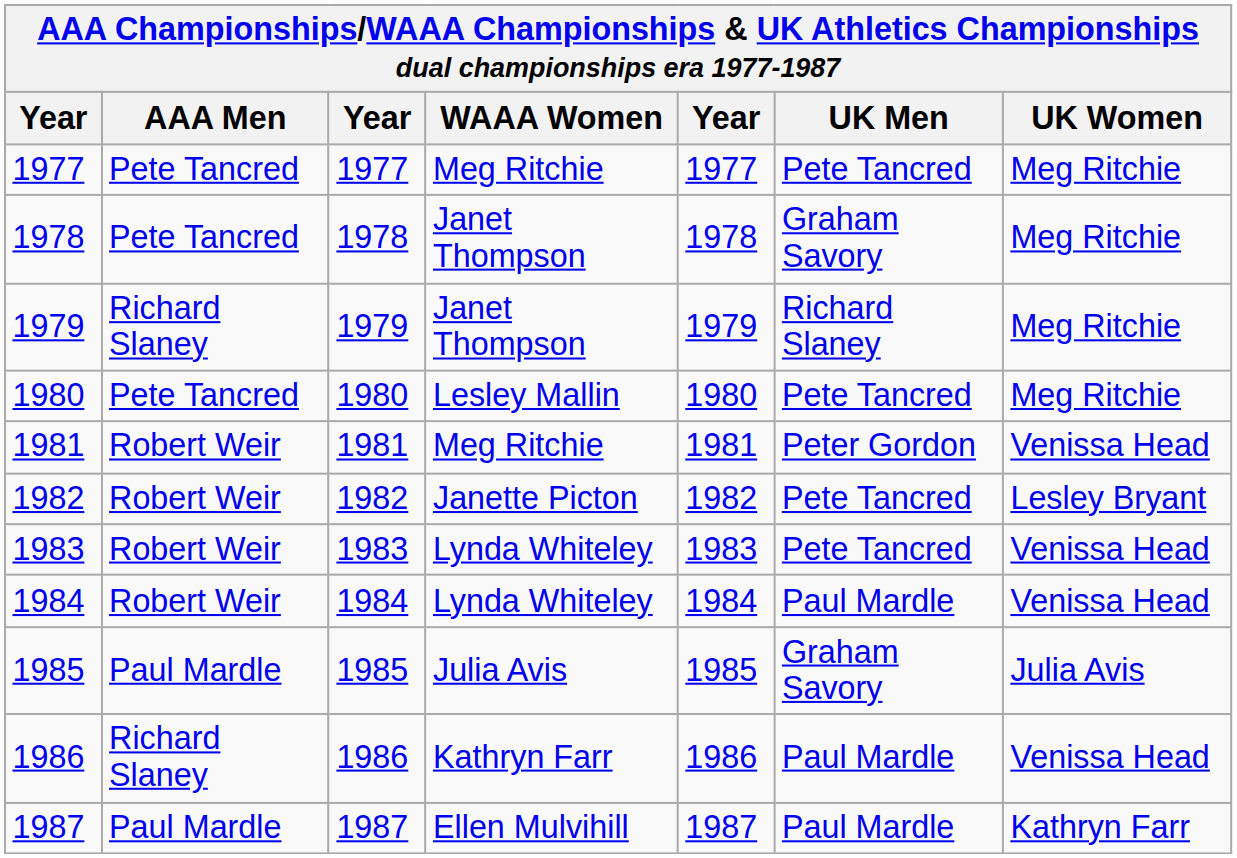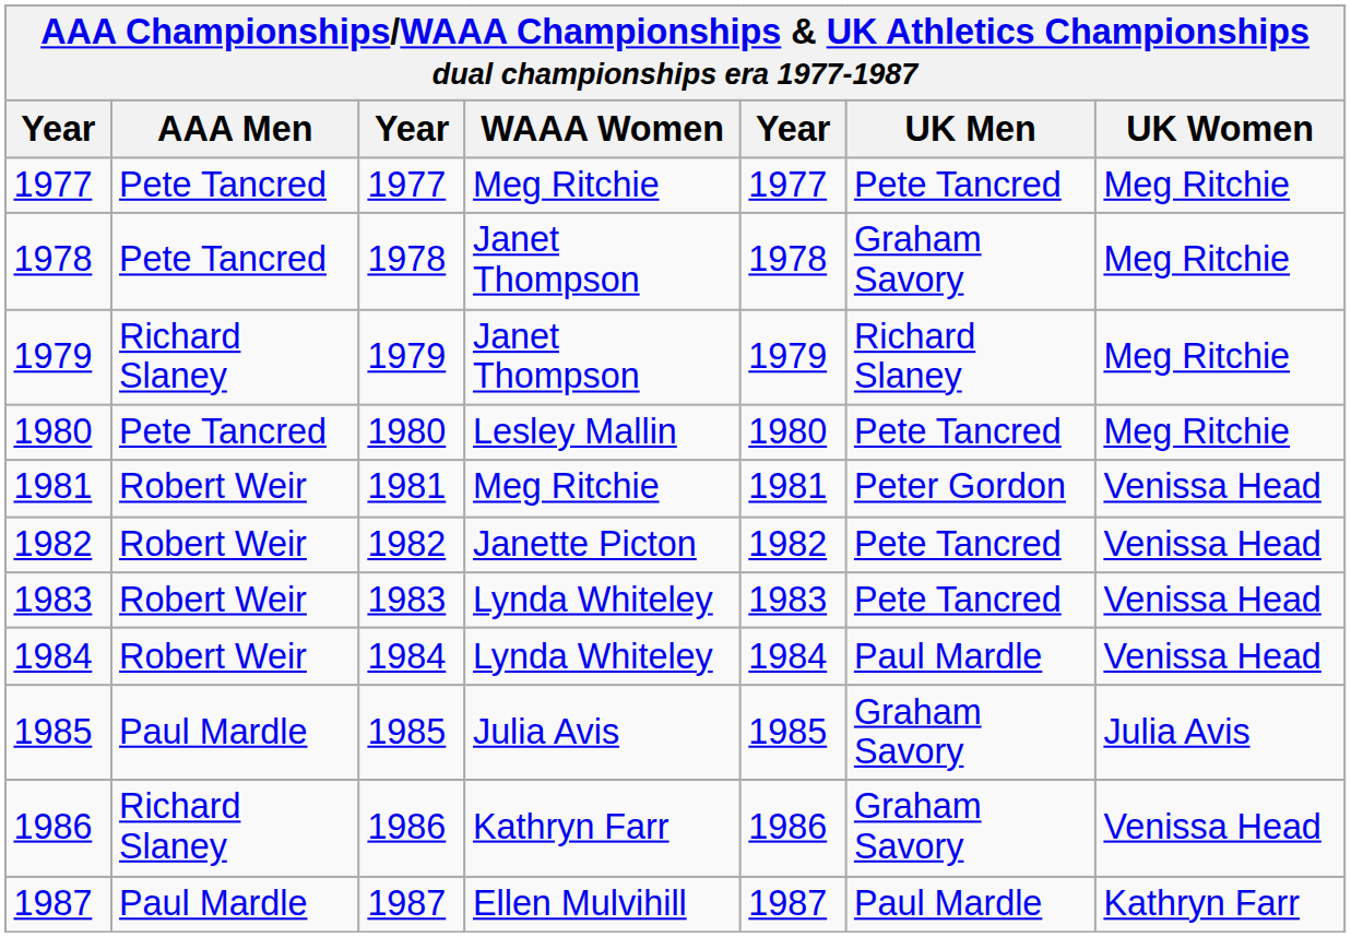 <table class="wikitable">
 <tr>
 <th colspan="7"><a href='#'>AAA Championships</a>/<a href='#'>WAAA Championships</a> & <a href='#'>UK Athletics Championships</a><br><em><small>dual championships era 1977-1987</small></em></th>
 </tr>
 <tr>
 <th width=50>Year</th>
 <th width=200>AAA Men</th>
 <th width=50>Year</th>
 <th width=200>WAAA Women</th>
 <th width=50>Year</th>
 <th width=200>UK Men</th>
 <th width=200>UK Women</th>
 </tr>
 <tr>
 <td><a href='#'>1977</a></td>
 <td><a href='#'>Pete Tancred</a></td>
 <td><a href='#'>1977</a></td>
 <td><a href='#'>Meg Ritchie</a></td>
 <td><a href='#'>1977</a></td>
 <td><a href='#'>Pete Tancred</a></td>
 <td><a href='#'>Meg Ritchie</a></td>
 </tr>
 <tr>
 <td><a href='#'>1978</a></td>
 <td><a href='#'>Pete Tancred</a></td>
 <td><a href='#'>1978</a></td>
 <td><a href='#'>Janet Thompson</a></td>
 <td><a href='#'>1978</a></td>
 <td><a href='#'>Graham Savory</a></td>
 <td><a href='#'>Meg Ritchie</a></td>
 </tr>
 <tr>
 <td><a href='#'>1979</a></td>
 <td><a href='#'>Richard Slaney</a></td>
 <td><a href='#'>1979</a></td>
 <td><a href='#'>Janet Thompson</a></td>
 <td><a href='#'>1979</a></td>
 <td><a href='#'>Richard Slaney</a></td>
 <td><a href='#'>Meg Ritchie</a></td>
 </tr>
 <tr>
 <td><a href='#'>1980</a></td>
 <td><a href='#'>Pete Tancred</a></td>
 <td><a href='#'>1980</a></td>
 <td><a href='#'>Lesley Mallin</a></td>
 <td><a href='#'>1980</a></td>
 <td><a href='#'>Pete Tancred</a></td>
 <td><a href='#'>Meg Ritchie</a></td>
 </tr>
 <tr>
 <td><a href='#'>1981</a></td>
 <td><a href='#'>Robert Weir</a></td>
 <td><a href='#'>1981</a></td>
 <td><a href='#'>Meg Ritchie</a></td>
 <td><a href='#'>1981</a></td>
 <td><a href='#'>Peter Gordon</a></td>
 <td><a href='#'>Venissa Head</a></td>
 </tr>
 <tr>
 <td><a href='#'>1982</a></td>
 <td><a href='#'>Robert Weir</a></td>
 <td><a href='#'>1982</a></td>
 <td><a href='#'>Janette Picton</a></td>
 <td><a href='#'>1982</a></td>
 <td><a href='#'>Pete Tancred</a></td>
-<td><a href='#'>Lesley Bryant</a></td>
+<td><a href='#'>Venissa Head</a></td>
 </tr>
 <tr>
 <td><a href='#'>1983</a></td>
 <td><a href='#'>Robert Weir</a></td>
 <td><a href='#'>1983</a></td>
 <td><a href='#'>Lynda Whiteley</a></td>
 <td><a href='#'>1983</a></td>
 <td><a href='#'>Pete Tancred</a></td>
 <td><a href='#'>Venissa Head</a></td>
 </tr>
 <tr>
 <td><a href='#'>1984</a></td>
 <td><a href='#'>Robert Weir</a></td>
 <td><a href='#'>1984</a></td>
 <td><a href='#'>Lynda Whiteley</a></td>
 <td><a href='#'>1984</a></td>
 <td><a href='#'>Paul Mardle</a></td>
 <td><a href='#'>Venissa Head</a></td>
 </tr>
 <tr>
 <td><a href='#'>1985</a></td>
 <td><a href='#'>Paul Mardle</a></td>
 <td><a href='#'>1985</a></td>
 <td><a href='#'>Julia Avis</a></td>
 <td><a href='#'>1985</a></td>
 <td><a href='#'>Graham Savory</a></td>
 <td><a href='#'>Julia Avis</a></td>
 </tr>
 <tr>
 <td><a href='#'>1986</a></td>
 <td><a href='#'>Richard Slaney</a></td>
 <td><a href='#'>1986</a></td>
 <td><a href='#'>Kathryn Farr</a></td>
 <td><a href='#'>1986</a></td>
-<td><a href='#'>Paul Mardle</a></td>
+<td><a href='#'>Graham Savory</a></td>
 <td><a href='#'>Venissa Head</a></td>
 </tr>
 <tr>
 <td><a href='#'>1987</a></td>
 <td><a href='#'>Paul Mardle</a></td>
 <td><a href='#'>1987</a></td>
 <td><a href='#'>Ellen Mulvihill</a></td>
 <td><a href='#'>1987</a></td>
 <td><a href='#'>Paul Mardle</a></td>
 <td><a href='#'>Kathryn Farr</a></td>
 </tr>
 </table>
